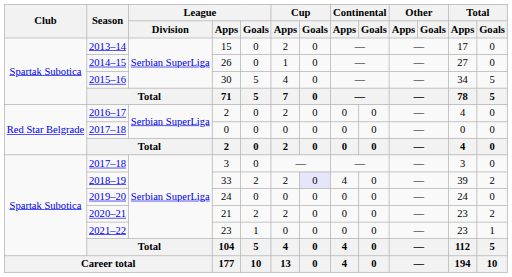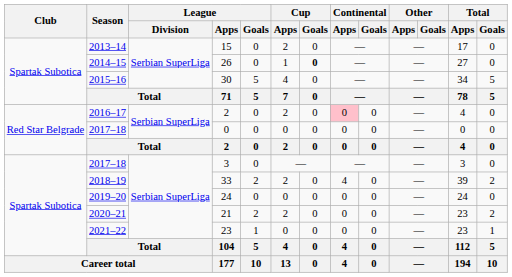 <table class="wikitable" style="text-align:center">
 <tr>
 <th rowspan="2">Club</th>
 <th rowspan="2">Season</th>
 <th colspan="3">League</th>
 <th colspan="2">Cup</th>
 <th colspan="2">Continental</th>
 <th colspan="2">Other</th>
 <th colspan="2">Total</th>
 </tr>
 <tr>
 <th>Division</th>
 <th>Apps</th>
 <th>Goals</th>
 <th>Apps</th>
 <th>Goals</th>
 <th>Apps</th>
 <th>Goals</th>
 <th>Apps</th>
 <th>Goals</th>
 <th>Apps</th>
 <th>Goals</th>
 </tr>
 <tr>
 <td rowspan="4"><a href='#'>Spartak Subotica</a></td>
 <td><a href='#'>2013–14</a></td>
 <td rowspan=3><a href='#'>Serbian SuperLiga</a></td>
 <td>15</td>
 <td>0</td>
 <td>2</td>
 <td>0</td>
 <td colspan="2">—</td>
 <td colspan="2">—</td>
 <td>17</td>
 <td>0</td>
 </tr>
 <tr>
 <td><a href='#'>2014–15</a></td>
 <td>26</td>
 <td>0</td>
 <td>1</td>
-<td>0</td>
+<td><strong>0</strong></td>
 <td colspan="2">—</td>
 <td colspan="2">—</td>
 <td>27</td>
 <td>0</td>
 </tr>
 <tr>
 <td><a href='#'>2015–16</a></td>
 <td>30</td>
 <td>5</td>
 <td>4</td>
 <td>0</td>
 <td colspan="2">—</td>
 <td colspan="2">—</td>
 <td>34</td>
 <td>5</td>
 </tr>
 <tr>
 <th colspan="2">Total</th>
 <th>71</th>
 <th>5</th>
 <th>7</th>
 <th>0</th>
 <th colspan="2">—</th>
 <th colspan="2">—</th>
 <th>78</th>
 <th>5</th>
 </tr>
 <tr>
 <td rowspan="3"><a href='#'>Red Star Belgrade</a></td>
 <td><a href='#'>2016–17</a></td>
 <td rowspan=2><a href='#'>Serbian SuperLiga</a></td>
 <td>2</td>
 <td>0</td>
 <td>2</td>
 <td>0</td>
-<td>0</td>
+<td style="background: pink;">0</td>
 <td>0</td>
 <td colspan="2">—</td>
 <td>4</td>
 <td>0</td>
 </tr>
 <tr>
 <td><a href='#'>2017–18</a></td>
 <td>0</td>
 <td>0</td>
 <td>0</td>
 <td>0</td>
 <td>0</td>
 <td>0</td>
 <td colspan="2">—</td>
 <td>0</td>
 <td>0</td>
 </tr>
 <tr>
 <th colspan="2">Total</th>
 <th>2</th>
 <th>0</th>
 <th>2</th>
 <th>0</th>
 <th>0</th>
 <th>0</th>
 <th colspan="2">—</th>
 <th>4</th>
 <th>0</th>
 </tr>
 <tr>
 <td rowspan="6"><a href='#'>Spartak Subotica</a></td>
 <td><a href='#'>2017–18</a></td>
 <td rowspan=5><a href='#'>Serbian SuperLiga</a></td>
 <td>3</td>
 <td>0</td>
 <td colspan="2">—</td>
 <td colspan="2">—</td>
 <td colspan="2">—</td>
 <td>3</td>
 <td>0</td>
 </tr>
 <tr>
 <td><a href='#'>2018–19</a></td>
 <td>33</td>
 <td>2</td>
 <td>2</td>
-<td style="background: lavender;">0</td>
+<td>0</td>
 <td>4</td>
 <td>0</td>
 <td colspan="2">—</td>
 <td>39</td>
 <td>2</td>
 </tr>
 <tr>
 <td><a href='#'>2019–20</a></td>
 <td>24</td>
 <td>0</td>
 <td>0</td>
 <td>0</td>
 <td>0</td>
 <td>0</td>
 <td colspan="2">—</td>
 <td>24</td>
 <td>0</td>
 </tr>
 <tr>
 <td><a href='#'>2020–21</a></td>
 <td>21</td>
 <td>2</td>
 <td>2</td>
 <td>0</td>
 <td>0</td>
 <td>0</td>
 <td colspan="2">—</td>
 <td>23</td>
 <td>2</td>
 </tr>
 <tr>
 <td><a href='#'>2021–22</a></td>
 <td>23</td>
 <td>1</td>
 <td>0</td>
 <td>0</td>
 <td>0</td>
 <td>0</td>
 <td colspan="2">—</td>
 <td>23</td>
 <td>1</td>
 </tr>
 <tr>
 <th colspan="2">Total</th>
 <th>104</th>
 <th>5</th>
 <th>4</th>
 <th>0</th>
 <th>4</th>
 <th>0</th>
 <th colspan="2">—</th>
 <th>112</th>
 <th>5</th>
 </tr>
 <tr>
 <th colspan="3">Career total</th>
 <th>177</th>
 <th>10</th>
 <th>13</th>
 <th>0</th>
 <th>4</th>
 <th>0</th>
 <th colspan="2">—</th>
 <th>194</th>
 <th>10</th>
 </tr>
 </table>
